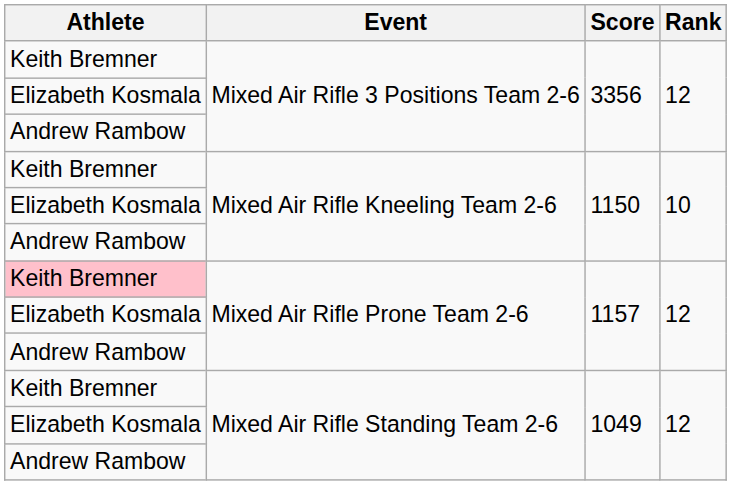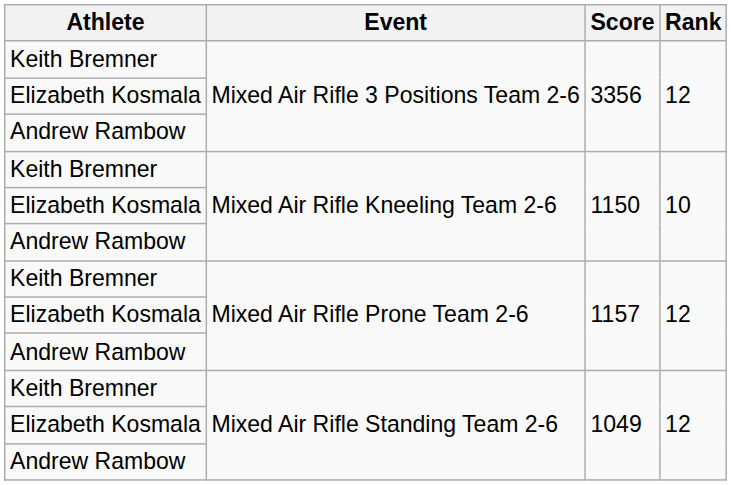 <table class="wikitable">
 <tr>
 <th>Athlete</th>
 <th>Event</th>
 <th>Score</th>
 <th>Rank</th>
 </tr>
 <tr>
 <td>Keith Bremner</td>
 <td rowspan="3">Mixed Air Rifle 3 Positions Team 2-6</td>
 <td rowspan="3">3356</td>
 <td rowspan="3">12</td>
 </tr>
 <tr>
 <td>Elizabeth Kosmala</td>
 </tr>
 <tr>
 <td>Andrew Rambow</td>
 </tr>
 <tr>
 <td>Keith Bremner</td>
 <td rowspan="3">Mixed Air Rifle Kneeling Team 2-6</td>
 <td rowspan="3">1150</td>
 <td rowspan="3">10</td>
 </tr>
 <tr>
 <td>Elizabeth Kosmala</td>
 </tr>
 <tr>
 <td>Andrew Rambow</td>
 </tr>
 <tr>
-<td style="background: pink;">Keith Bremner</td>
+<td>Keith Bremner</td>
 <td rowspan="3">Mixed Air Rifle Prone Team 2-6</td>
 <td rowspan="3">1157</td>
 <td rowspan="3">12</td>
 </tr>
 <tr>
 <td>Elizabeth Kosmala</td>
 </tr>
 <tr>
 <td>Andrew Rambow</td>
 </tr>
 <tr>
 <td>Keith Bremner</td>
 <td rowspan="3">Mixed Air Rifle Standing Team 2-6</td>
 <td rowspan="3">1049</td>
 <td rowspan="3">12</td>
 </tr>
 <tr>
 <td>Elizabeth Kosmala</td>
 </tr>
 <tr>
 <td>Andrew Rambow</td>
 </tr>
 </table>
